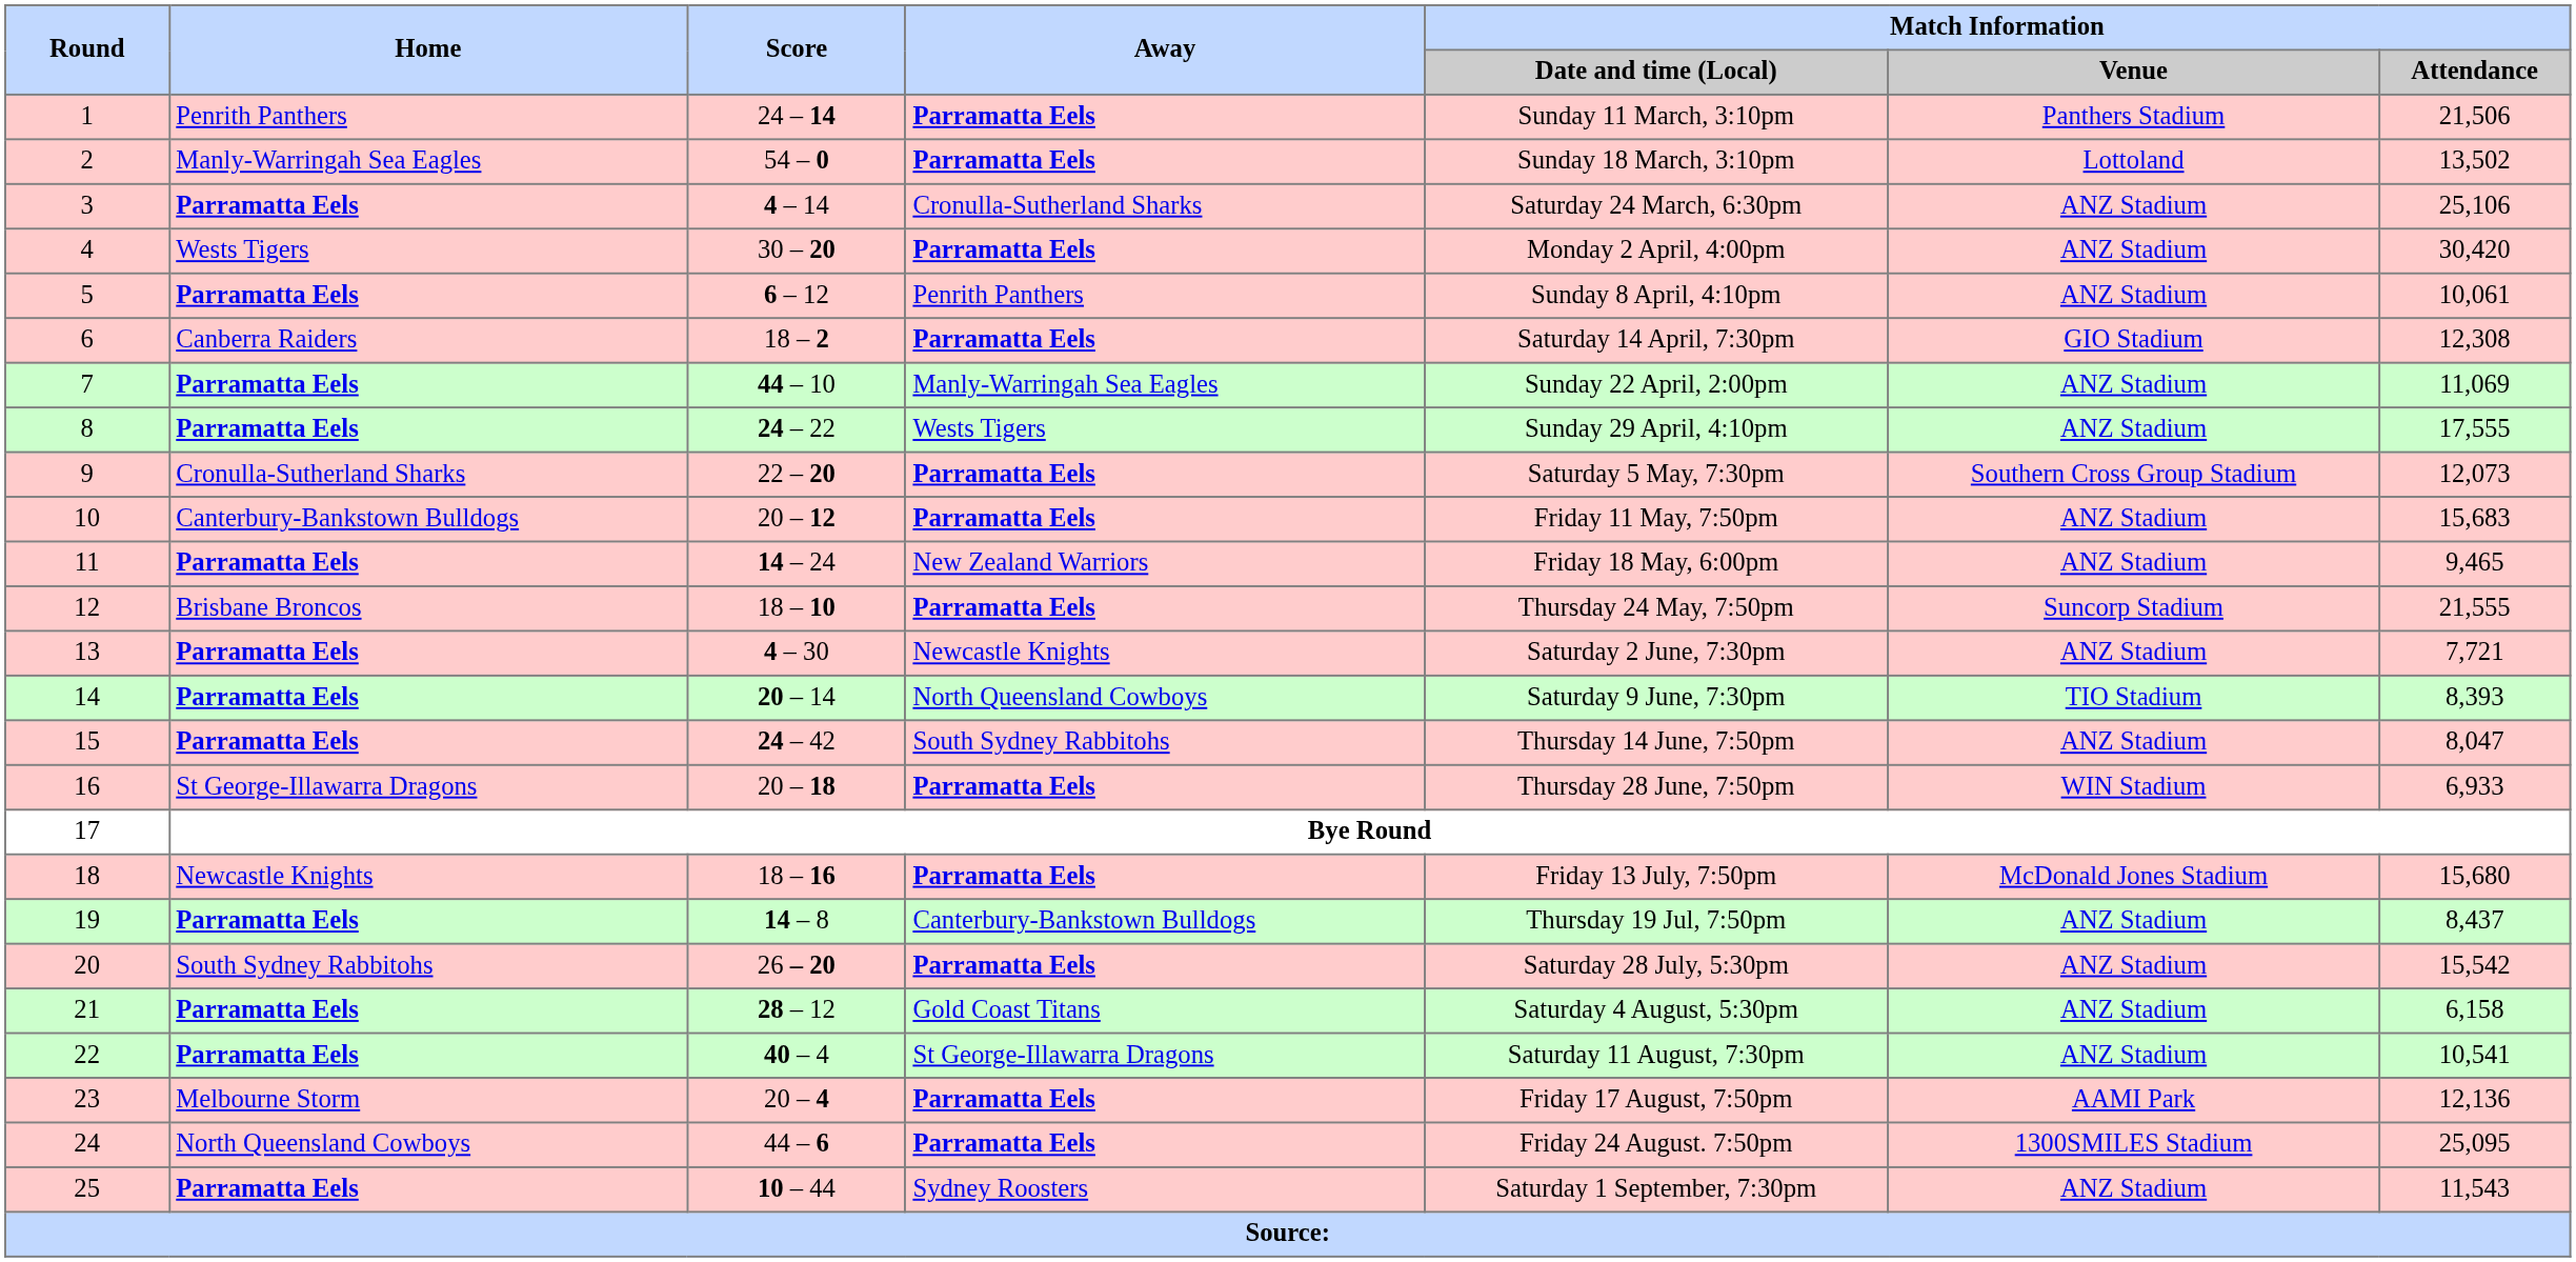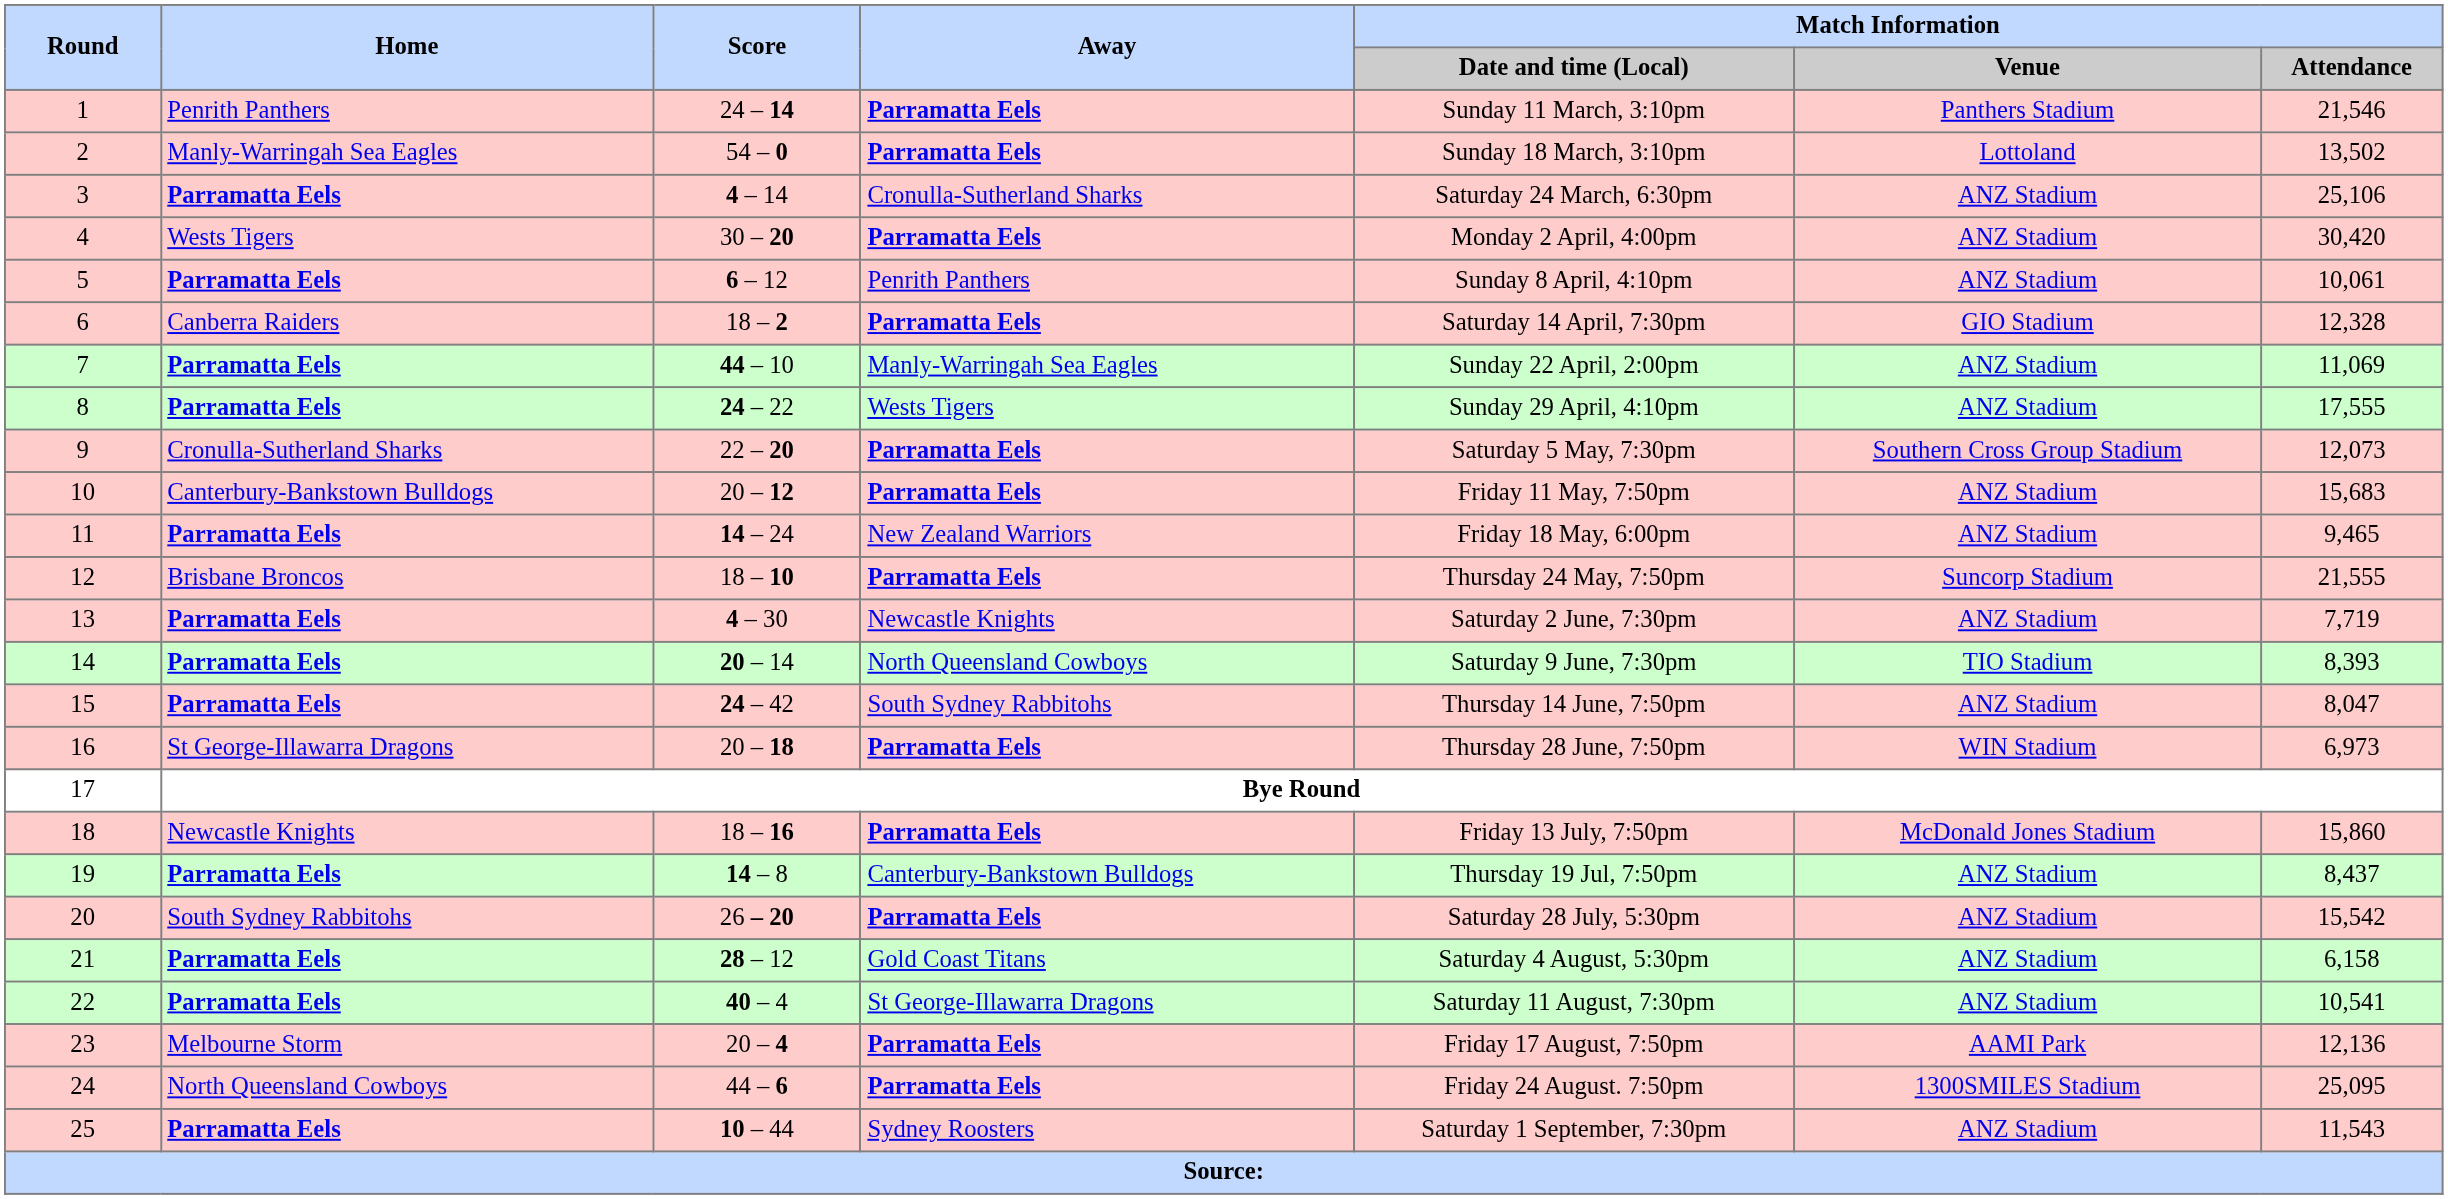 <table border="1" cellpadding="3" cellspacing="0" style="border-collapse:collapse; font-size:80%; text-align:center; width:100%;">
 <tr style="background:#c1d8ff;">
 <th rowspan="2" style="width:6%;">Round</th>
 <th rowspan="2" style="width:19%;">Home</th>
 <th rowspan="2" style="width:8%;">Score</th>
 <th rowspan="2" style="width:19%;">Away</th>
 <th colspan=6>Match Information</th>
 </tr>
 <tr style="background:#ccc;">
 <th width=17%>Date and time (Local)</th>
 <th width=18%>Venue</th>
 <th width=7%>Attendance</th>
 </tr>
 <tr style="text-align:center; background:#fcc">
 <td>1</td>
 <td style="text-align:left;"> <a href='#'>Penrith Panthers</a></td>
 <td>24 – <strong>14</strong></td>
 <td style="text-align:left;"> <strong><a href='#'>Parramatta Eels</a></strong></td>
 <td>Sunday 11 March, 3:10pm</td>
 <td><a href='#'>Panthers Stadium</a></td>
-<td>21,506</td>
+<td>21,546</td>
 </tr>
 <tr style="text-align:center; background:#fcc">
 <td>2</td>
 <td style="text-align:left;"> <a href='#'>Manly-Warringah Sea Eagles</a></td>
 <td>54 – <strong>0</strong></td>
 <td style="text-align:left;"> <strong><a href='#'>Parramatta Eels</a></strong></td>
 <td>Sunday 18 March, 3:10pm</td>
 <td><a href='#'>Lottoland</a></td>
 <td>13,502</td>
 </tr>
 <tr style="text-align:center; background:#fcc">
 <td>3</td>
 <td style="text-align:left;"> <strong><a href='#'>Parramatta Eels</a></strong></td>
 <td><strong>4</strong> – 14</td>
 <td style="text-align:left;"> <a href='#'>Cronulla-Sutherland Sharks</a></td>
 <td>Saturday 24 March, 6:30pm</td>
 <td><a href='#'>ANZ Stadium</a></td>
 <td>25,106</td>
 </tr>
 <tr style="text-align:center; background:#fcc">
 <td>4</td>
 <td style="text-align:left;"> <a href='#'>Wests Tigers</a></td>
 <td>30 – <strong>20</strong></td>
 <td style="text-align:left;"> <strong><a href='#'>Parramatta Eels</a></strong></td>
 <td>Monday 2 April, 4:00pm</td>
 <td><a href='#'>ANZ Stadium</a></td>
 <td>30,420</td>
 </tr>
 <tr style="text-align:center; background:#fcc">
 <td>5</td>
 <td style="text-align:left;"> <strong><a href='#'>Parramatta Eels</a></strong></td>
 <td><strong>6</strong> – 12</td>
 <td style="text-align:left;"> <a href='#'>Penrith Panthers</a></td>
 <td>Sunday 8 April, 4:10pm</td>
 <td><a href='#'>ANZ Stadium</a></td>
 <td>10,061</td>
 </tr>
 <tr style="text-align:center; background:#fcc">
 <td>6</td>
 <td style="text-align:left;"> <a href='#'>Canberra Raiders</a></td>
 <td>18 – <strong>2</strong></td>
 <td style="text-align:left;"> <strong><a href='#'>Parramatta Eels</a></strong></td>
 <td>Saturday 14 April, 7:30pm</td>
 <td><a href='#'>GIO Stadium</a></td>
-<td>12,308</td>
+<td>12,328</td>
 </tr>
 <tr style="text-align:center; background:#cfc;">
 <td>7</td>
 <td style="text-align:left;"> <strong><a href='#'>Parramatta Eels</a></strong></td>
 <td><strong>44</strong> – 10</td>
 <td style="text-align:left;"> <a href='#'>Manly-Warringah Sea Eagles</a></td>
 <td>Sunday 22 April, 2:00pm</td>
 <td><a href='#'>ANZ Stadium</a></td>
 <td>11,069</td>
 </tr>
 <tr style="text-align:center; background:#cfc;">
 <td>8</td>
 <td style="text-align:left;"> <strong><a href='#'>Parramatta Eels</a></strong></td>
 <td><strong>24</strong> – 22</td>
 <td style="text-align:left;"> <a href='#'>Wests Tigers</a></td>
 <td>Sunday 29 April, 4:10pm</td>
 <td><a href='#'>ANZ Stadium</a></td>
 <td>17,555</td>
 </tr>
 <tr style="text-align:center; background:#fcc">
 <td>9</td>
 <td style="text-align:left;"> <a href='#'>Cronulla-Sutherland Sharks</a></td>
 <td>22 – <strong>20</strong></td>
 <td style="text-align:left;"> <strong><a href='#'>Parramatta Eels</a></strong></td>
 <td>Saturday 5 May, 7:30pm</td>
 <td><a href='#'>Southern Cross Group Stadium</a></td>
 <td>12,073</td>
 </tr>
 <tr style="text-align:center; background:#fcc">
 <td>10</td>
 <td style="text-align:left;"> <a href='#'>Canterbury-Bankstown Bulldogs</a></td>
 <td>20 – <strong>12</strong></td>
 <td style="text-align:left;"> <strong><a href='#'>Parramatta Eels</a></strong></td>
 <td>Friday 11 May, 7:50pm</td>
 <td><a href='#'>ANZ Stadium</a></td>
 <td>15,683</td>
 </tr>
 <tr style="text-align:center; background:#fcc">
 <td>11</td>
 <td style="text-align:left;"> <strong><a href='#'>Parramatta Eels</a></strong></td>
 <td><strong>14</strong> – 24</td>
 <td style="text-align:left;"> <a href='#'>New Zealand Warriors</a></td>
 <td>Friday 18 May, 6:00pm</td>
 <td><a href='#'>ANZ Stadium</a></td>
 <td>9,465</td>
 </tr>
 <tr style="text-align:center; background:#fcc">
 <td>12</td>
 <td style="text-align:left;"> <a href='#'>Brisbane Broncos</a></td>
 <td>18 – <strong>10</strong></td>
 <td style="text-align:left;"> <strong><a href='#'>Parramatta Eels</a></strong></td>
 <td>Thursday 24 May, 7:50pm</td>
 <td><a href='#'>Suncorp Stadium</a></td>
 <td>21,555</td>
 </tr>
 <tr style="text-align:center; background:#fcc">
 <td>13</td>
 <td style="text-align:left;"> <strong><a href='#'>Parramatta Eels</a></strong></td>
 <td><strong>4</strong> – 30</td>
 <td style="text-align:left;"> <a href='#'>Newcastle Knights</a></td>
 <td>Saturday 2 June, 7:30pm</td>
 <td><a href='#'>ANZ Stadium</a></td>
-<td>7,721</td>
+<td>7,719</td>
 </tr>
 <tr style="text-align:center; background:#cfc;">
 <td>14</td>
 <td style="text-align:left;"> <strong><a href='#'>Parramatta Eels</a></strong></td>
 <td><strong>20</strong> – 14</td>
 <td style="text-align:left;"> <a href='#'>North Queensland Cowboys</a></td>
 <td>Saturday 9 June, 7:30pm</td>
 <td><a href='#'>TIO Stadium</a></td>
 <td>8,393</td>
 </tr>
 <tr style="text-align:center; background:#fcc">
 <td>15</td>
 <td style="text-align:left;"> <strong><a href='#'>Parramatta Eels</a></strong></td>
 <td><strong>24</strong> – 42</td>
 <td style="text-align:left;"> <a href='#'>South Sydney Rabbitohs</a></td>
 <td>Thursday 14 June, 7:50pm</td>
 <td><a href='#'>ANZ Stadium</a></td>
 <td>8,047</td>
 </tr>
 <tr style="text-align:center; background:#fcc">
 <td>16</td>
 <td style="text-align:left;"> <a href='#'>St George-Illawarra Dragons</a></td>
 <td>20 – <strong>18</strong></td>
 <td style="text-align:left;"> <strong><a href='#'>Parramatta Eels</a></strong></td>
 <td>Thursday 28 June, 7:50pm</td>
 <td><a href='#'>WIN Stadium</a></td>
-<td>6,933</td>
+<td>6,973</td>
 </tr>
 <tr>
 <td>17</td>
 <td colspan="7" align="center"><strong>Bye Round</strong></td>
 </tr>
 <tr style="text-align:center; background:#fcc">
 <td>18</td>
 <td style="text-align:left;"> <a href='#'>Newcastle Knights</a></td>
 <td>18 – <strong>16</strong></td>
 <td style="text-align:left;"> <strong><a href='#'>Parramatta Eels</a></strong></td>
 <td>Friday 13 July, 7:50pm</td>
 <td><a href='#'>McDonald Jones Stadium</a></td>
-<td>15,680</td>
+<td>15,860</td>
 </tr>
 <tr style="text-align:center; background:#cfc;">
 <td>19</td>
 <td style="text-align:left;"> <strong><a href='#'>Parramatta Eels</a></strong></td>
 <td><strong>14</strong> – 8</td>
 <td style="text-align:left;"> <a href='#'>Canterbury-Bankstown Bulldogs</a></td>
 <td>Thursday 19 Jul, 7:50pm</td>
 <td><a href='#'>ANZ Stadium</a></td>
 <td>8,437</td>
 </tr>
 <tr style="text-align:center; background:#fcc">
 <td>20</td>
 <td style="text-align:left;"> <a href='#'>South Sydney Rabbitohs</a></td>
 <td>26 <strong>– 20</strong></td>
 <td style="text-align:left;"> <strong><a href='#'>Parramatta Eels</a></strong></td>
 <td>Saturday 28 July, 5:30pm</td>
 <td><a href='#'>ANZ Stadium</a></td>
 <td>15,542</td>
 </tr>
 <tr style="text-align:center; background:#cfc;">
 <td>21</td>
 <td style="text-align:left;"> <strong><a href='#'>Parramatta Eels</a></strong></td>
 <td><strong>28</strong> – 12</td>
 <td style="text-align:left;"> <a href='#'>Gold Coast Titans</a></td>
 <td>Saturday 4 August, 5:30pm</td>
 <td><a href='#'>ANZ Stadium</a></td>
 <td>6,158</td>
 </tr>
 <tr style="text-align:center; background:#cfc;">
 <td>22</td>
 <td style="text-align:left;"> <strong><a href='#'>Parramatta Eels</a></strong></td>
 <td><strong>40</strong> – 4</td>
 <td style="text-align:left;"> <a href='#'>St George-Illawarra Dragons</a></td>
 <td>Saturday 11 August, 7:30pm</td>
 <td><a href='#'>ANZ Stadium</a></td>
 <td>10,541</td>
 </tr>
 <tr style="text-align:center; background:#fcc;">
 <td>23</td>
 <td style="text-align:left;"> <a href='#'>Melbourne Storm</a></td>
 <td>20 – <strong>4</strong></td>
 <td style="text-align:left;"> <strong><a href='#'>Parramatta Eels</a></strong></td>
 <td>Friday 17 August, 7:50pm</td>
 <td><a href='#'>AAMI Park</a></td>
 <td>12,136</td>
 </tr>
 <tr style="text-align:center; background:#fcc;">
 <td>24</td>
 <td style="text-align:left;"> <a href='#'>North Queensland Cowboys</a></td>
 <td>44 – <strong>6</strong></td>
 <td style="text-align:left;"> <strong><a href='#'>Parramatta Eels</a></strong></td>
 <td>Friday 24 August. 7:50pm</td>
 <td><a href='#'>1300SMILES Stadium</a></td>
 <td>25,095</td>
 </tr>
 <tr style="text-align:center; background:#fcc;">
 <td>25</td>
 <td style="text-align:left;"> <strong><a href='#'>Parramatta Eels</a></strong></td>
 <td><strong>10</strong> – 44</td>
 <td style="text-align:left;"> <a href='#'>Sydney Roosters</a></td>
 <td>Saturday 1 September, 7:30pm</td>
 <td><a href='#'>ANZ Stadium</a></td>
 <td>11,543</td>
 </tr>
 <tr style="background:#c1d8ff;">
 <th colspan=7>Source:</th>
 </tr>
 </table>
